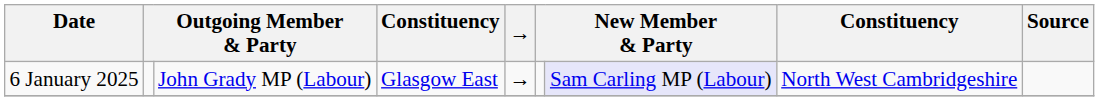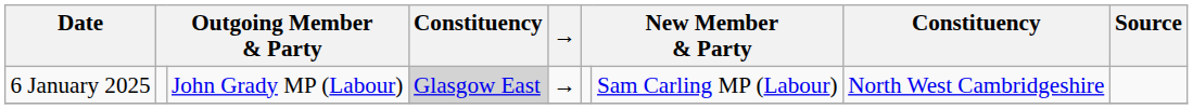 <table class="wikitable">
 <tr>
 <th valign="top">Date</th>
 <th colspan="2" valign="top">Outgoing Member<br>& Party</th>
 <th valign="top">Constituency</th>
 <th>→</th>
 <th colspan="2" valign="top">New Member<br>& Party</th>
 <th valign="top">Constituency</th>
 <th valign="top">Source</th>
 </tr>
 <tr>
 <td nowrap>6 January 2025</td>
 <td style="color:inherit;background:"></td>
 <td><a href='#'>John Grady</a> MP (<a href='#'>Labour</a>)</td>
-<td><a href='#'>Glasgow East</a></td>
+<td style="background: lightgrey;"><a href='#'>Glasgow East</a></td>
 <td>→</td>
 <td style="color:inherit;background:"></td>
-<td style="background: lavender;"><a href='#'>Sam Carling</a> MP (<a href='#'>Labour</a>)</td>
+<td><a href='#'>Sam Carling</a> MP (<a href='#'>Labour</a>)</td>
 <td><a href='#'>North West Cambridgeshire</a></td>
 <td></td>
 </tr>
 <tr>
 </tr>
 </table>
